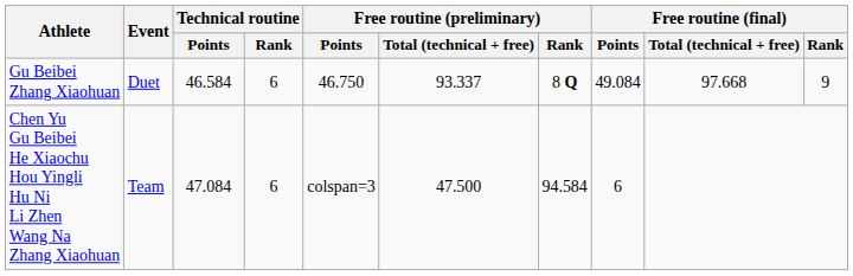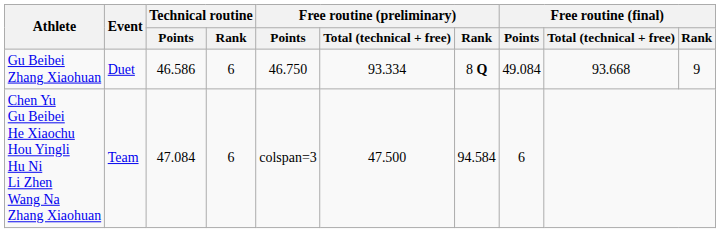 <table class="wikitable" style="font-size:90%">
 <tr>
 <th rowspan="2">Athlete</th>
 <th rowspan="2">Event</th>
 <th colspan=2>Technical routine</th>
 <th colspan=3>Free routine (preliminary)</th>
 <th colspan=3>Free routine (final)</th>
 </tr>
 <tr style="font-size:95%">
 <th>Points</th>
 <th>Rank</th>
 <th>Points</th>
 <th>Total (technical + free)</th>
 <th>Rank</th>
 <th>Points</th>
 <th>Total (technical + free)</th>
 <th>Rank</th>
 </tr>
 <tr align=center>
 <td align=left><a href='#'>Gu Beibei</a><br><a href='#'>Zhang Xiaohuan</a></td>
 <td align=left><a href='#'>Duet</a></td>
-<td>46.584</td>
+<td>46.586</td>
 <td>6</td>
 <td>46.750</td>
-<td>93.337</td>
+<td>93.334</td>
 <td>8 <strong>Q</strong></td>
 <td>49.084</td>
-<td>97.668</td>
+<td>93.668</td>
 <td>9</td>
 </tr>
 <tr align=center>
 <td align=left><a href='#'>Chen Yu</a><br><a href='#'>Gu Beibei</a><br><a href='#'>He Xiaochu</a><br><a href='#'>Hou Yingli</a><br><a href='#'>Hu Ni</a><br><a href='#'>Li Zhen</a><br> <a href='#'>Wang Na</a><br><a href='#'>Zhang Xiaohuan</a></td>
 <td align=left><a href='#'>Team</a></td>
 <td>47.084</td>
 <td>6</td>
 <td>colspan=3 </td>
 <td>47.500</td>
 <td>94.584</td>
 <td>6</td>
 </tr>
 </table>
